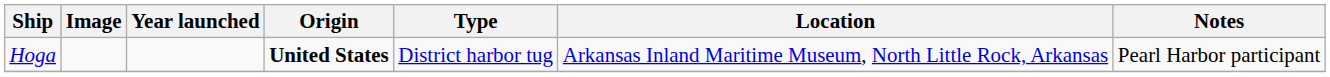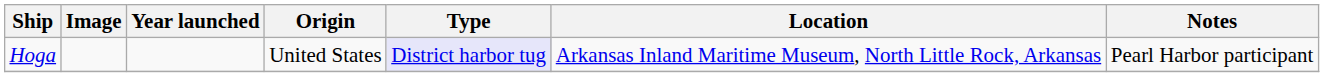 <table class="wikitable sortable">
 <tr>
 <th>Ship</th>
 <th>Image</th>
 <th>Year launched</th>
 <th>Origin</th>
 <th>Type</th>
 <th>Location</th>
 <th>Notes</th>
 </tr>
 <tr>
 <td data-sort-value=Hoga><a href='#'><em>Hoga</em></a></td>
 <td></td>
 <td></td>
-<td><strong> United States</strong></td>
-<td><a href='#'>District harbor tug</a></td>
+<td> United States</td>
+<td style="background: lavender;"><a href='#'>District harbor tug</a></td>
 <td><a href='#'>Arkansas Inland Maritime Museum</a>, <a href='#'>North Little Rock, Arkansas</a><br></td>
 <td>Pearl Harbor participant</td>
 </tr>
 <tr>
 </tr>
 </table>
